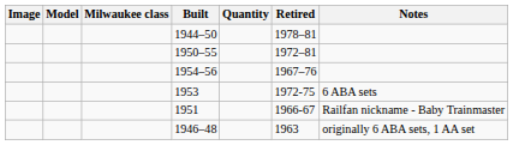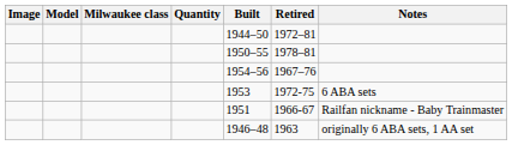 <table class="wikitable sortable">
 <tr>
 <th>Image</th>
 <th>Model</th>
 <th>Milwaukee class</th>
+<th>Quantity</th>
 <th>Built</th>
-<th>Quantity</th>
 <th>Retired</th>
 <th>Notes</th>
 </tr>
 <tr>
 <td></td>
 <td></td>
 <td></td>
+<td></td>
 <td>1944–50</td>
+<td>1972–81</td>
 <td></td>
+</tr>
+<tr>
+<td></td>
+<td></td>
+<td></td>
+<td></td>
+<td>1950–55</td>
 <td>1978–81</td>
 <td></td>
 </tr>
 <tr>
 <td></td>
 <td></td>
 <td></td>
-<td>1950–55</td>
-<td></td>
-<td>1972–81</td>
-<td></td>
-</tr>
-<tr>
-<td></td>
-<td></td>
 <td></td>
 <td>1954–56</td>
-<td></td>
 <td>1967–76</td>
 <td></td>
 </tr>
 <tr>
 <td></td>
 <td></td>
 <td></td>
+<td></td>
 <td>1953</td>
-<td></td>
 <td>1972-75</td>
 <td>6 ABA sets</td>
 </tr>
 <tr>
 <td></td>
 <td></td>
 <td></td>
+<td></td>
 <td>1951</td>
-<td></td>
 <td>1966-67</td>
 <td>Railfan nickname - Baby Trainmaster</td>
 </tr>
 <tr>
 <td></td>
 <td></td>
 <td></td>
+<td></td>
 <td>1946–48</td>
-<td></td>
 <td>1963</td>
 <td>originally 6 ABA sets, 1 AA set</td>
 </tr>
 </table>
